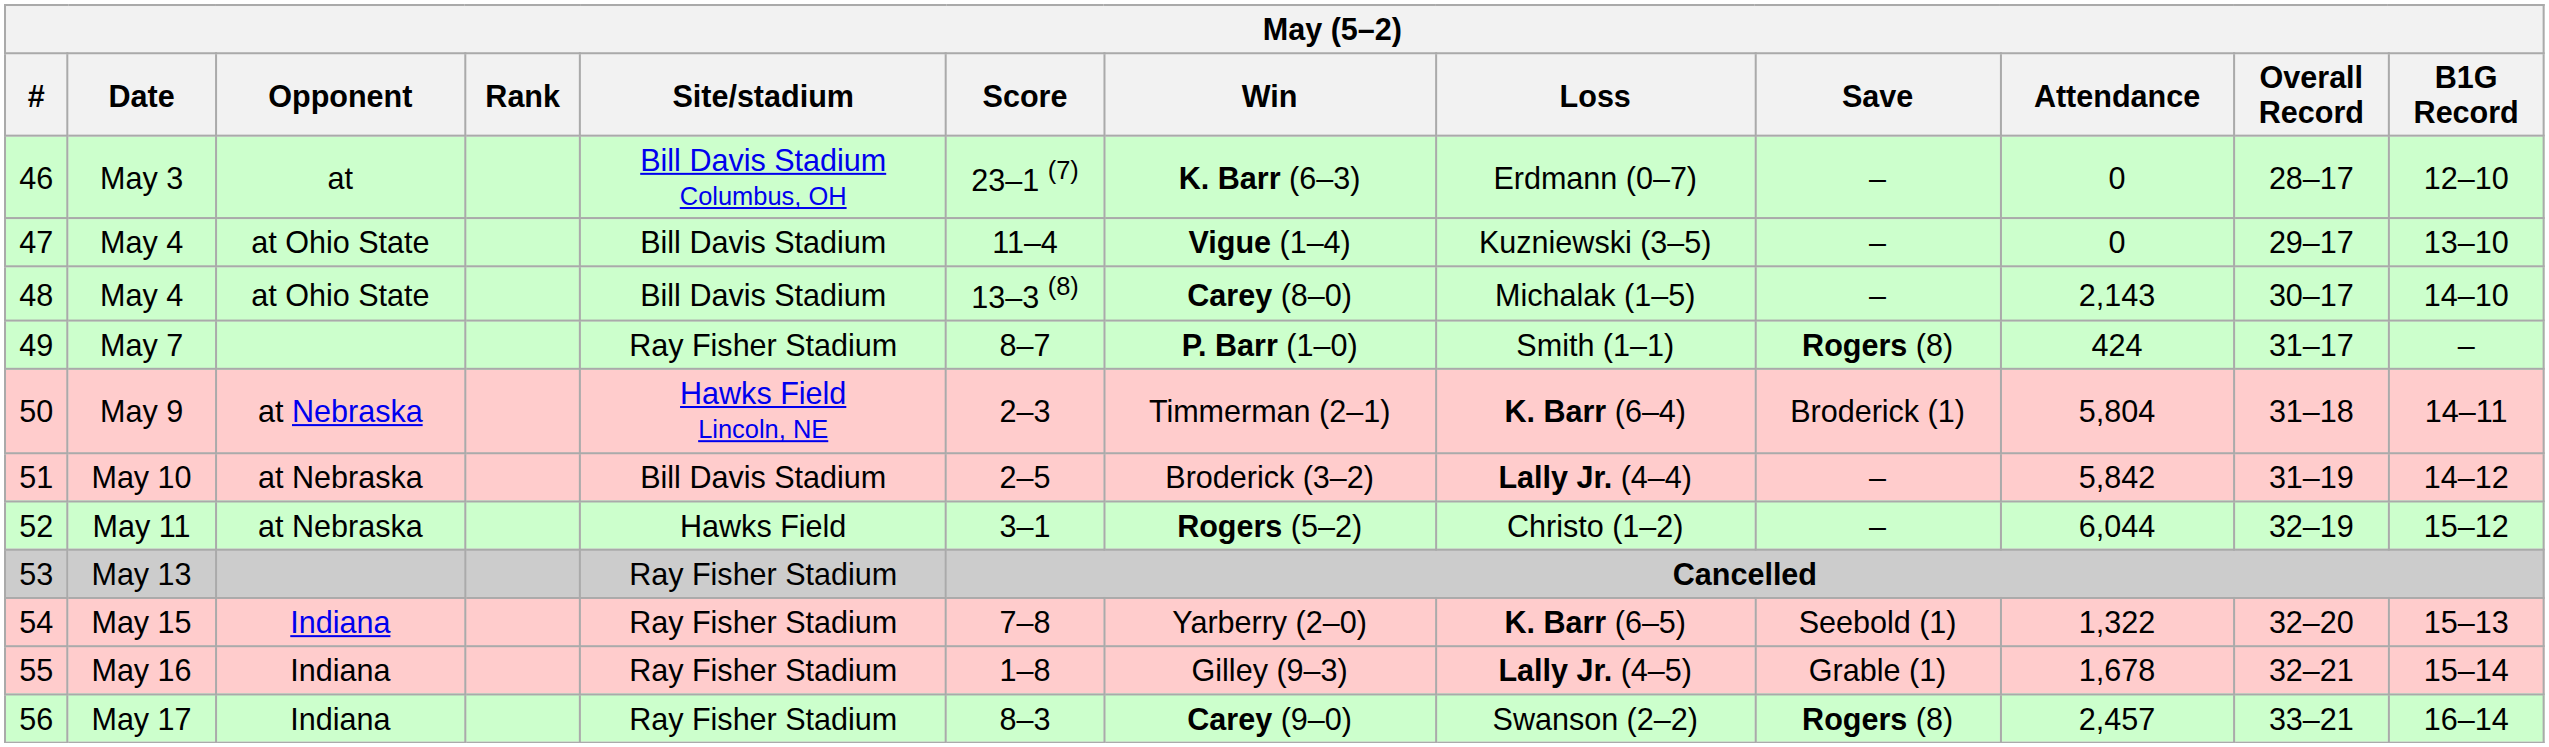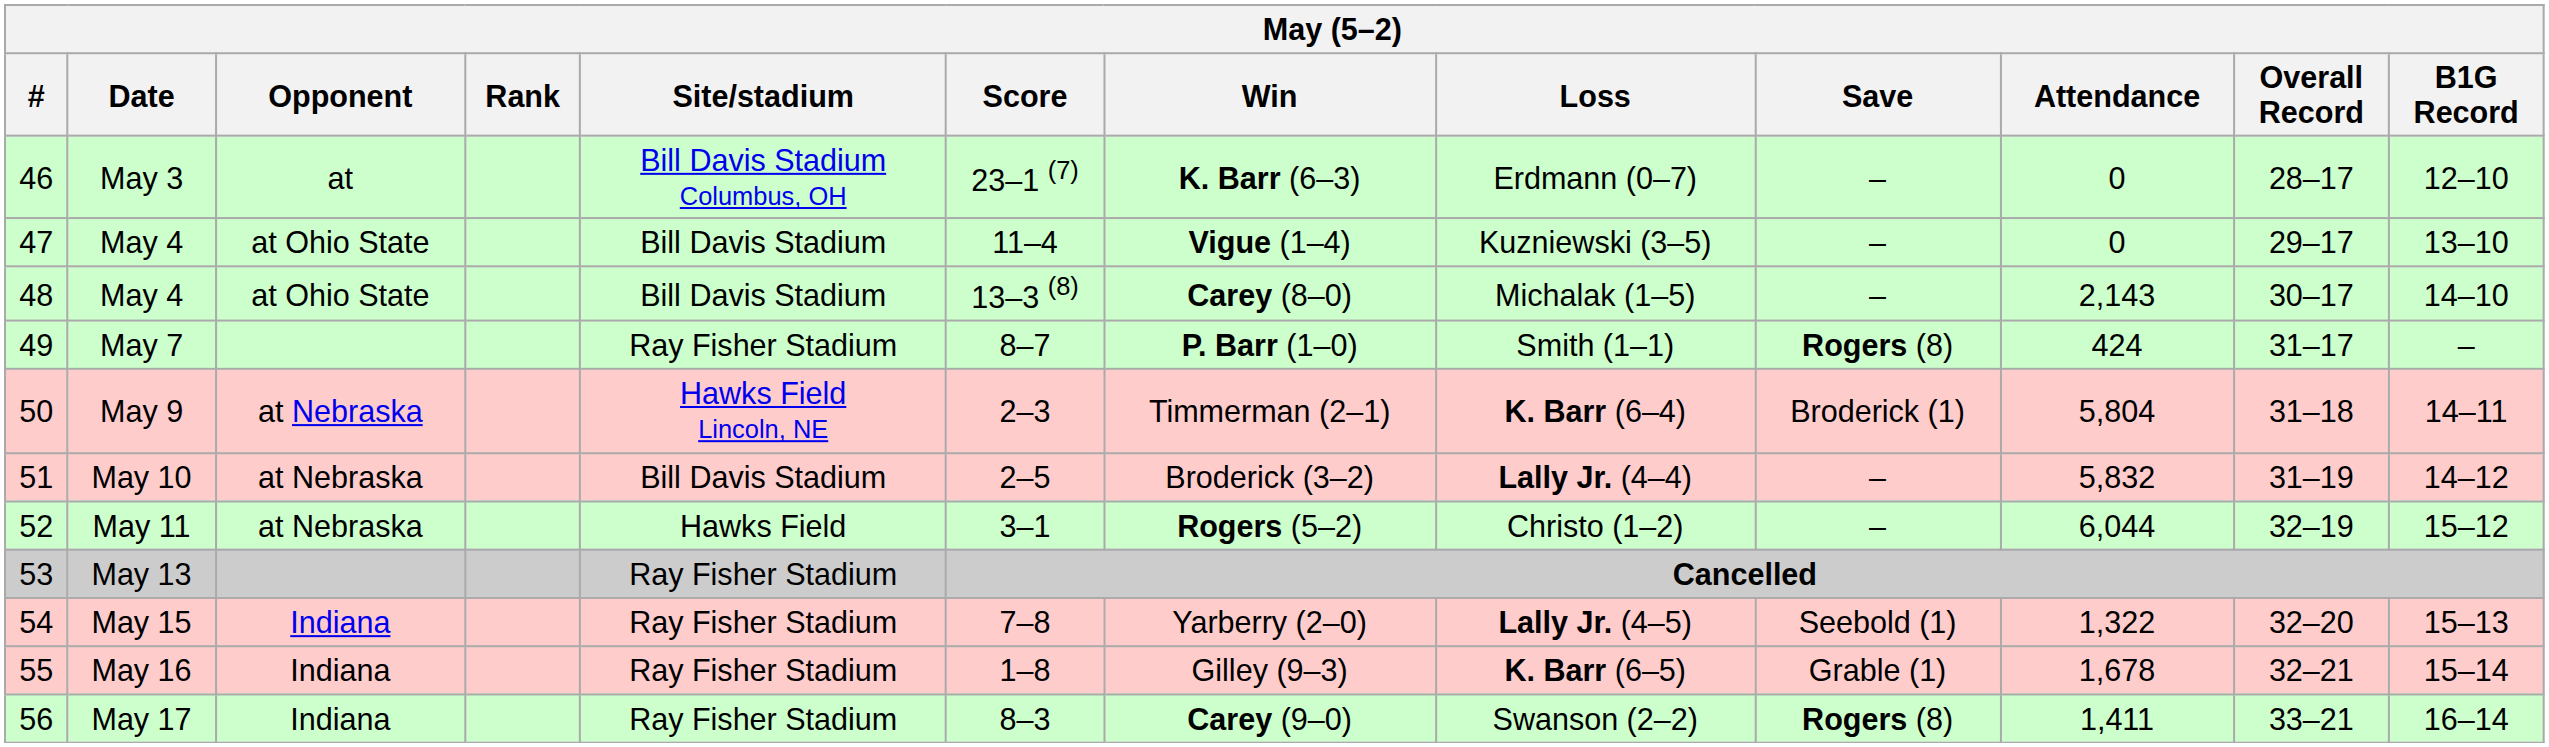 <table class="wikitable collapsible collapsed" style="margin:auto; width:100%; text-align:center; font-size:95%">
 <tr>
 <th colspan=12 style="padding-left:4em;">May (5–2)</th>
 </tr>
 <tr>
 <th>#</th>
 <th>Date</th>
 <th>Opponent</th>
 <th>Rank</th>
 <th>Site/stadium</th>
 <th>Score</th>
 <th>Win</th>
 <th>Loss</th>
 <th>Save</th>
 <th>Attendance</th>
 <th>Overall<br>Record</th>
 <th>B1G<br>Record</th>
 </tr>
 <tr align="center" bgcolor="ccffcc">
 <td>46</td>
 <td>May 3</td>
 <td>at </td>
 <td></td>
 <td><a href='#'>Bill Davis Stadium</a><br><small><a href='#'>Columbus, OH</a></small></td>
 <td>23–1 <sup>(7)</sup></td>
 <td><strong>K. Barr</strong> (6–3)</td>
 <td>Erdmann (0–7)</td>
 <td>–</td>
 <td>0</td>
 <td>28–17</td>
 <td>12–10</td>
 </tr>
 <tr align="center" bgcolor="ccffcc">
 <td>47</td>
 <td>May 4</td>
 <td>at Ohio State</td>
 <td></td>
 <td>Bill Davis Stadium</td>
 <td>11–4</td>
 <td><strong>Vigue</strong> (1–4)</td>
 <td>Kuzniewski (3–5)</td>
 <td>–</td>
 <td>0</td>
 <td>29–17</td>
 <td>13–10</td>
 </tr>
 <tr align="center" bgcolor="ccffcc">
 <td>48</td>
 <td>May 4</td>
 <td>at Ohio State</td>
 <td></td>
 <td>Bill Davis Stadium</td>
 <td>13–3 <sup>(8)</sup></td>
 <td><strong>Carey</strong> (8–0)</td>
 <td>Michalak (1–5)</td>
 <td>–</td>
 <td>2,143</td>
 <td>30–17</td>
 <td>14–10</td>
 </tr>
 <tr align="center" bgcolor="ccffcc">
 <td>49</td>
 <td>May 7</td>
 <td></td>
 <td></td>
 <td>Ray Fisher Stadium</td>
 <td>8–7</td>
 <td><strong>P. Barr</strong> (1–0)</td>
 <td>Smith (1–1)</td>
 <td><strong>Rogers</strong> (8)</td>
 <td>424</td>
 <td>31–17</td>
 <td>–</td>
 </tr>
 <tr align="center" bgcolor="ffcccc">
 <td>50</td>
 <td>May 9</td>
 <td>at <a href='#'>Nebraska</a></td>
 <td></td>
 <td><a href='#'>Hawks Field</a><br><small><a href='#'>Lincoln, NE</a></small></td>
 <td>2–3</td>
 <td>Timmerman (2–1)</td>
 <td><strong>K. Barr</strong> (6–4)</td>
 <td>Broderick (1)</td>
 <td>5,804</td>
 <td>31–18</td>
 <td>14–11</td>
 </tr>
 <tr align="center" bgcolor="ffcccc">
 <td>51</td>
 <td>May 10</td>
 <td>at Nebraska</td>
 <td></td>
 <td>Bill Davis Stadium</td>
 <td>2–5</td>
 <td>Broderick (3–2)</td>
 <td><strong>Lally Jr.</strong> (4–4)</td>
 <td>–</td>
-<td>5,842</td>
+<td>5,832</td>
 <td>31–19</td>
 <td>14–12</td>
 </tr>
 <tr align="center" bgcolor="ccffcc">
 <td>52</td>
 <td>May 11</td>
 <td>at Nebraska</td>
 <td></td>
 <td>Hawks Field</td>
 <td>3–1</td>
 <td><strong>Rogers</strong> (5–2)</td>
 <td>Christo (1–2)</td>
 <td>–</td>
 <td>6,044</td>
 <td>32–19</td>
 <td>15–12</td>
 </tr>
 <tr align="center" bgcolor="cccccc">
 <td>53</td>
 <td>May 13</td>
 <td></td>
 <td></td>
 <td>Ray Fisher Stadium</td>
 <td colspan="7"><strong>Cancelled</strong></td>
 </tr>
 <tr align="center" bgcolor="ffcccc">
 <td>54</td>
 <td>May 15</td>
 <td><a href='#'>Indiana</a></td>
 <td></td>
 <td>Ray Fisher Stadium</td>
 <td>7–8</td>
 <td>Yarberry (2–0)</td>
-<td><strong>K. Barr</strong> (6–5)</td>
+<td><strong>Lally Jr.</strong> (4–5)</td>
 <td>Seebold (1)</td>
 <td>1,322</td>
 <td>32–20</td>
 <td>15–13</td>
 </tr>
 <tr align="center" bgcolor="ffcccc">
 <td>55</td>
 <td>May 16</td>
 <td>Indiana</td>
 <td></td>
 <td>Ray Fisher Stadium</td>
 <td>1–8</td>
 <td>Gilley (9–3)</td>
-<td><strong>Lally Jr.</strong> (4–5)</td>
+<td><strong>K. Barr</strong> (6–5)</td>
 <td>Grable (1)</td>
 <td>1,678</td>
 <td>32–21</td>
 <td>15–14</td>
 </tr>
 <tr align="center" bgcolor="ccffcc">
 <td>56</td>
 <td>May 17</td>
 <td>Indiana</td>
 <td></td>
 <td>Ray Fisher Stadium</td>
 <td>8–3</td>
 <td><strong>Carey</strong> (9–0)</td>
 <td>Swanson (2–2)</td>
 <td><strong>Rogers</strong> (8)</td>
-<td>2,457</td>
+<td>1,411</td>
 <td>33–21</td>
 <td>16–14</td>
 </tr>
 </table>
